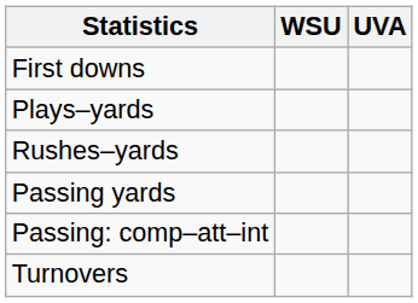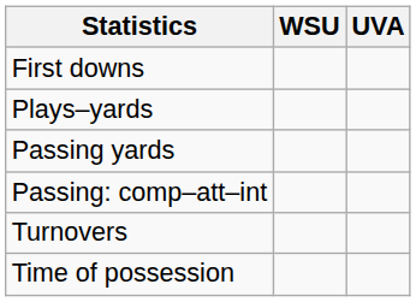 <table class="wikitable" style="float:left">
 <tr>
 <th>Statistics</th>
 <th>WSU</th>
 <th>UVA</th>
 </tr>
 <tr>
 <td>First downs</td>
 <td></td>
 <td></td>
 </tr>
 <tr>
 <td>Plays–yards</td>
-<td></td>
-<td></td>
-</tr>
-<tr>
-<td>Rushes–yards</td>
 <td></td>
 <td></td>
 </tr>
 <tr>
 <td>Passing yards</td>
 <td></td>
 <td></td>
 </tr>
 <tr>
 <td>Passing: comp–att–int</td>
 <td></td>
 <td></td>
 </tr>
 <tr>
 <td>Turnovers</td>
 <td></td>
 <td></td>
 </tr>
+<tr>
+<td>Time of possession</td>
+<td></td>
+<td></td>
+</tr>
 </table>
